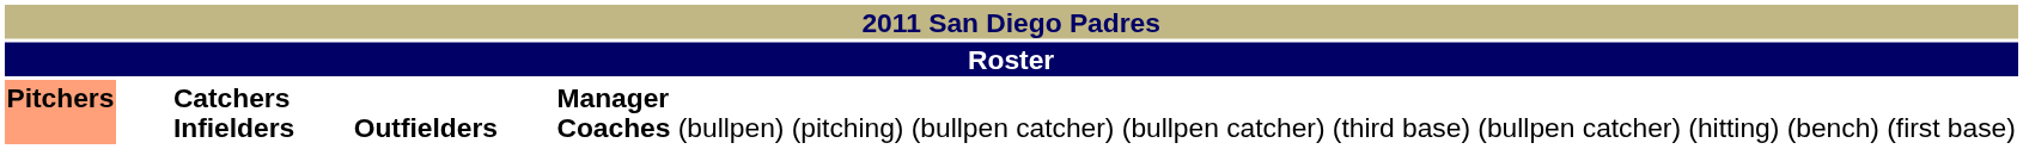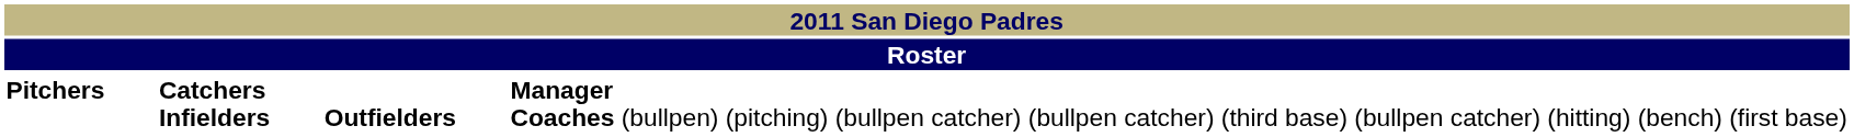 <table class="toccolours" style="font-size: 95%;">
 <tr>
 <th colspan="10" style="background-color: #C1B784; color: #000066; text-align: center;">2011 San Diego Padres</th>
 </tr>
 <tr>
 <td colspan="10" style="background-color: #000066; color: #FFFFFF; text-align: center;"><strong>Roster</strong></td>
 </tr>
 <tr>
-<td valign="top" style="background: lightsalmon;"><strong>Pitchers</strong><br>                     </td>
+<td valign="top"><strong>Pitchers</strong><br>                     </td>
 <td width="25px"></td>
 <td valign="top"><strong>Catchers</strong><br>    <strong>Infielders</strong>            </td>
 <td width="25px"></td>
 <td valign="top"><br><strong>Outfielders</strong>          </td>
 <td width="25px"></td>
 <td valign="top"><strong>Manager</strong><br> <strong>Coaches</strong>  (bullpen)  (pitching)  (bullpen catcher)  (bullpen catcher)  (third base)  (bullpen catcher)  (hitting)  (bench)  (first base)</td>
 </tr>
 </table>
